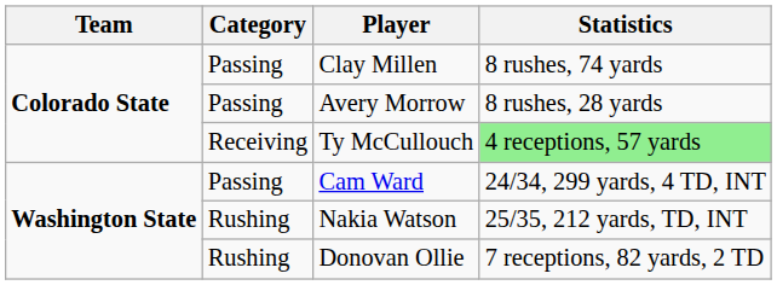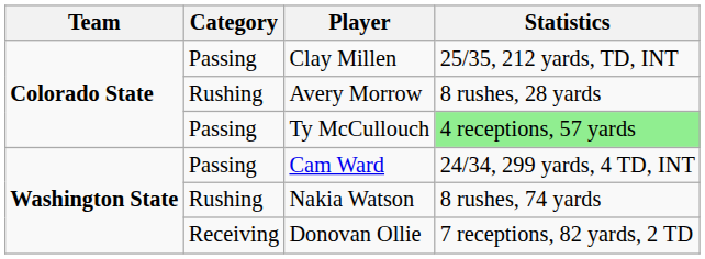 <table class="wikitable" style="float: left;">
 <tr>
 <th>Team</th>
 <th>Category</th>
 <th>Player</th>
 <th>Statistics</th>
 </tr>
 <tr>
 <td rowspan=3><strong>Colorado State</strong></td>
 <td>Passing</td>
 <td>Clay Millen</td>
-<td>8 rushes, 74 yards</td>
+<td>25/35, 212 yards, TD, INT</td>
 </tr>
 <tr>
-<td>Passing</td>
+<td>Rushing</td>
 <td>Avery Morrow</td>
 <td>8 rushes, 28 yards</td>
 </tr>
 <tr>
-<td>Receiving</td>
+<td>Passing</td>
 <td>Ty McCullouch</td>
 <td style="background: lightgreen;">4 receptions, 57 yards</td>
 </tr>
 <tr>
 <td rowspan=3><strong>Washington State</strong></td>
 <td>Passing</td>
 <td><a href='#'>Cam Ward</a></td>
 <td>24/34, 299 yards, 4 TD, INT</td>
 </tr>
 <tr>
 <td>Rushing</td>
 <td>Nakia Watson</td>
-<td>25/35, 212 yards, TD, INT</td>
+<td>8 rushes, 74 yards</td>
 </tr>
 <tr>
-<td>Rushing</td>
+<td>Receiving</td>
 <td>Donovan Ollie</td>
 <td>7 receptions, 82 yards, 2 TD</td>
 </tr>
 </table>
